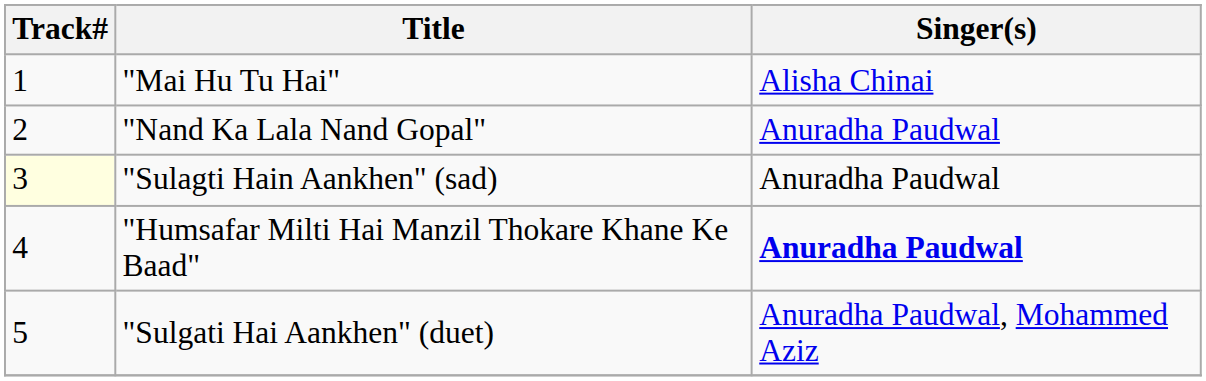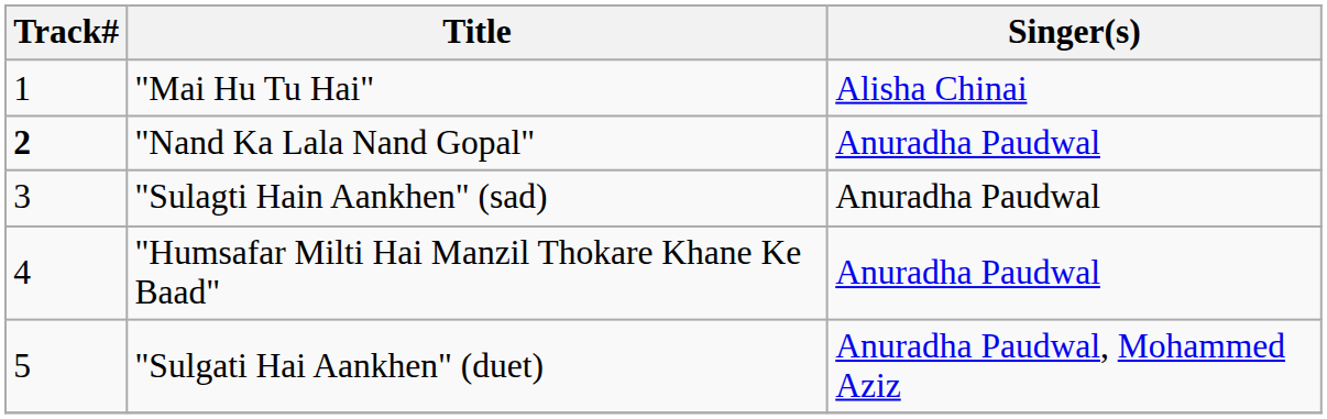 <table class="wikitable">
 <tr>
 <th>Track#</th>
 <th>Title</th>
 <th>Singer(s)</th>
 </tr>
 <tr>
 <td>1</td>
 <td>"Mai Hu Tu Hai"</td>
 <td><a href='#'>Alisha Chinai</a></td>
 </tr>
 <tr>
-<td>2</td>
+<td><strong>2</strong></td>
 <td>"Nand Ka Lala Nand Gopal"</td>
 <td><a href='#'>Anuradha Paudwal</a></td>
 </tr>
 <tr>
-<td style="background: lightyellow;">3</td>
+<td>3</td>
 <td>"Sulagti Hain Aankhen" (sad)</td>
 <td>Anuradha Paudwal</td>
 </tr>
 <tr>
 <td>4</td>
 <td>"Humsafar Milti Hai Manzil Thokare Khane Ke Baad"</td>
-<td><strong><a href='#'>Anuradha Paudwal</a></strong></td>
+<td><a href='#'>Anuradha Paudwal</a></td>
 </tr>
 <tr>
 <td>5</td>
 <td>"Sulgati Hai Aankhen" (duet)</td>
 <td><a href='#'>Anuradha Paudwal</a>, <a href='#'>Mohammed Aziz</a></td>
 </tr>
 <tr>
 </tr>
 </table>
